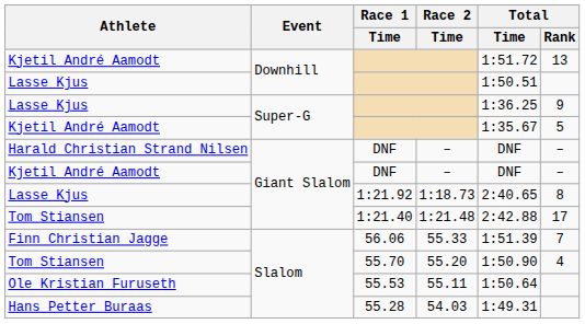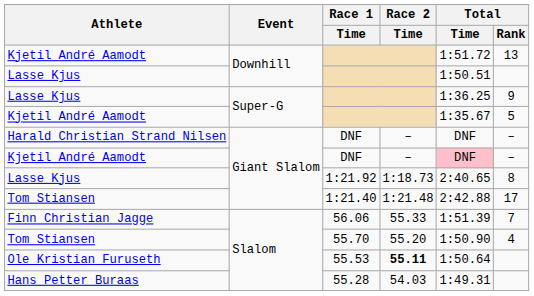 <table class="wikitable" style="font-size:90%">
 <tr>
 <th rowspan="2">Athlete</th>
 <th rowspan="2">Event</th>
 <th>Race 1</th>
 <th>Race 2</th>
 <th colspan="2">Total</th>
 </tr>
 <tr>
 <th>Time</th>
 <th>Time</th>
 <th>Time</th>
 <th>Rank</th>
 </tr>
 <tr>
 <td><a href='#'>Kjetil André Aamodt</a></td>
 <td rowspan="2">Downhill</td>
 <td colspan="2" bgcolor="wheat"></td>
 <td align="center">1:51.72</td>
 <td align="center">13</td>
 </tr>
 <tr>
 <td><a href='#'>Lasse Kjus</a></td>
 <td colspan="2" bgcolor="wheat"></td>
 <td align="center">1:50.51</td>
 <td align="center"></td>
 </tr>
 <tr>
 <td><a href='#'>Lasse Kjus</a></td>
 <td rowspan="2">Super-G</td>
 <td colspan="2" bgcolor="wheat"></td>
 <td align="center">1:36.25</td>
 <td align="center">9</td>
 </tr>
 <tr>
 <td><a href='#'>Kjetil André Aamodt</a></td>
 <td colspan="2" bgcolor="wheat"></td>
 <td align="center">1:35.67</td>
 <td align="center">5</td>
 </tr>
 <tr>
 <td><a href='#'>Harald Christian Strand Nilsen</a></td>
 <td rowspan="4">Giant Slalom</td>
 <td align="center">DNF</td>
 <td align="center">–</td>
 <td align="center">DNF</td>
 <td align="center">–</td>
 </tr>
 <tr>
 <td><a href='#'>Kjetil André Aamodt</a></td>
 <td align="center">DNF</td>
 <td align="center">–</td>
-<td align="center">DNF</td>
+<td align="center" style="background: pink;">DNF</td>
 <td align="center">–</td>
 </tr>
 <tr>
 <td><a href='#'>Lasse Kjus</a></td>
 <td align="center">1:21.92</td>
 <td align="center">1:18.73</td>
 <td align="center">2:40.65</td>
 <td align="center">8</td>
 </tr>
 <tr>
 <td><a href='#'>Tom Stiansen</a></td>
 <td align="center">1:21.40</td>
 <td align="center">1:21.48</td>
 <td align="center">2:42.88</td>
 <td align="center">17</td>
 </tr>
 <tr>
 <td><a href='#'>Finn Christian Jagge</a></td>
 <td rowspan="4">Slalom</td>
 <td align="center">56.06</td>
 <td align="center">55.33</td>
 <td align="center">1:51.39</td>
 <td align="center">7</td>
 </tr>
 <tr>
 <td><a href='#'>Tom Stiansen</a></td>
 <td align="center">55.70</td>
 <td align="center">55.20</td>
 <td align="center">1:50.90</td>
 <td align="center">4</td>
 </tr>
 <tr>
 <td><a href='#'>Ole Kristian Furuseth</a></td>
 <td align="center">55.53</td>
-<td align="center">55.11</td>
+<td align="center"><strong>55.11</strong></td>
 <td align="center">1:50.64</td>
 <td align="center"></td>
 </tr>
 <tr>
 <td><a href='#'>Hans Petter Buraas</a></td>
 <td align="center">55.28</td>
 <td align="center">54.03</td>
 <td align="center">1:49.31</td>
 <td align="center"></td>
 </tr>
 </table>
